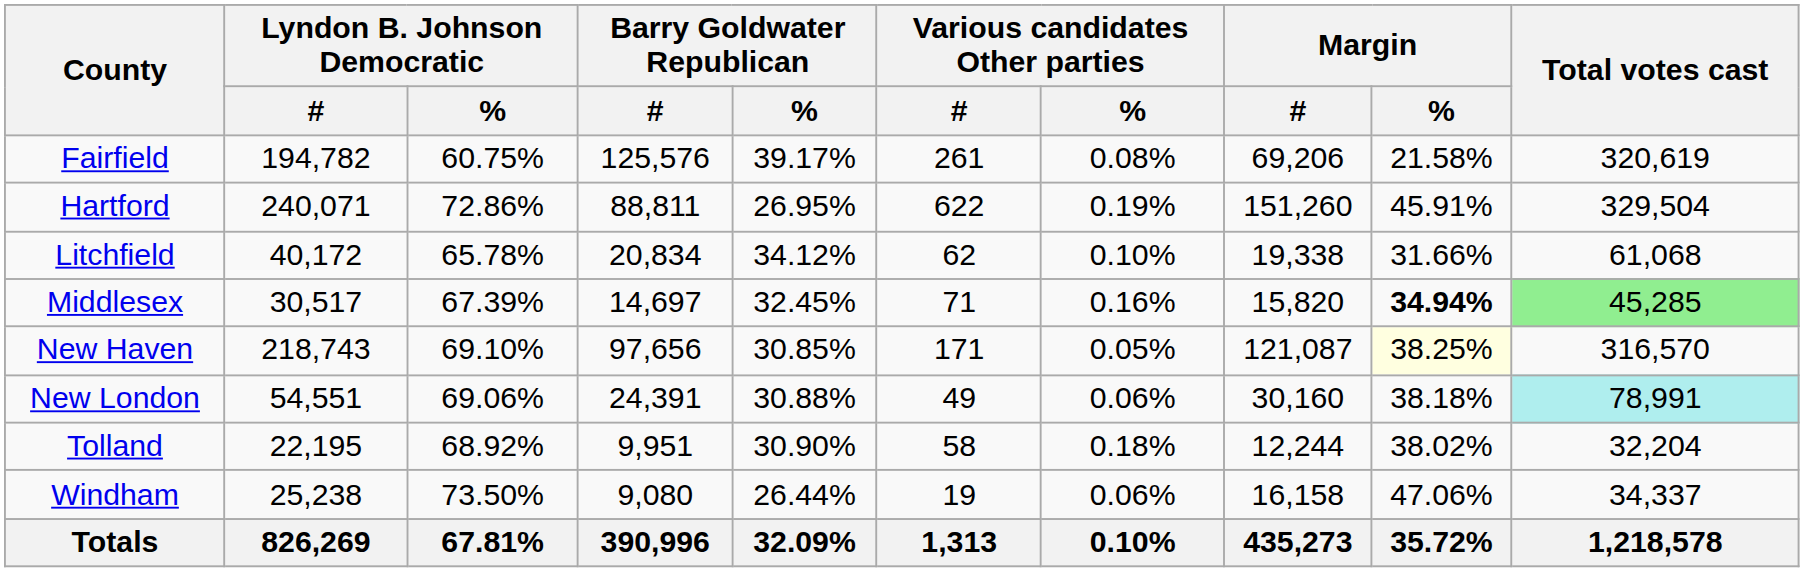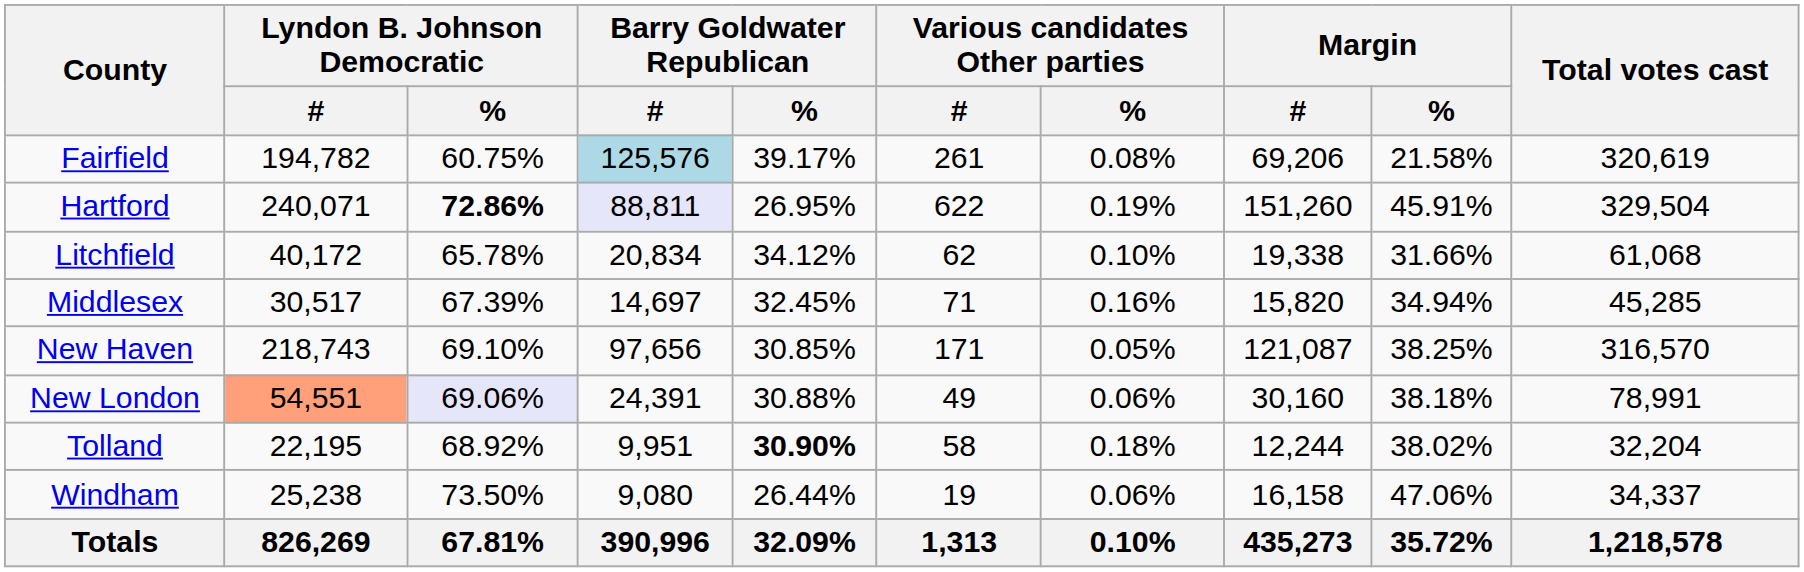 <table width="60%"  class="wikitable sortable" style="text-align:center">
 <tr>
 <th style="text-align:center;" rowspan="2">County</th>
 <th style="text-align:center;" colspan="2">Lyndon B. Johnson<br>Democratic</th>
 <th style="text-align:center;" colspan="2">Barry Goldwater<br>Republican</th>
 <th style="text-align:center;" colspan="2">Various candidates<br>Other parties</th>
 <th style="text-align:center;" colspan="2">Margin</th>
 <th style="text-align:center;" rowspan="2">Total votes cast</th>
 </tr>
 <tr>
 <th style="text-align:center;" data-sort-type="number">#</th>
 <th style="text-align:center;" data-sort-type="number">%</th>
 <th style="text-align:center;" data-sort-type="number">#</th>
 <th style="text-align:center;" data-sort-type="number">%</th>
 <th style="text-align:center;" data-sort-type="number">#</th>
 <th style="text-align:center;" data-sort-type="number">%</th>
 <th style="text-align:center;" data-sort-type="number">#</th>
 <th style="text-align:center;" data-sort-type="number">%</th>
 </tr>
 <tr style="text-align:center;">
 <td><a href='#'>Fairfield</a></td>
 <td>194,782</td>
 <td>60.75%</td>
-<td>125,576</td>
+<td style="background: lightblue;">125,576</td>
 <td>39.17%</td>
 <td>261</td>
 <td>0.08%</td>
 <td>69,206</td>
 <td>21.58%</td>
 <td>320,619</td>
 </tr>
 <tr style="text-align:center;">
 <td><a href='#'>Hartford</a></td>
 <td>240,071</td>
-<td>72.86%</td>
-<td>88,811</td>
+<td><strong>72.86%</strong></td>
+<td style="background: lavender;">88,811</td>
 <td>26.95%</td>
 <td>622</td>
 <td>0.19%</td>
 <td>151,260</td>
 <td>45.91%</td>
 <td>329,504</td>
 </tr>
 <tr style="text-align:center;">
 <td><a href='#'>Litchfield</a></td>
 <td>40,172</td>
 <td>65.78%</td>
 <td>20,834</td>
 <td>34.12%</td>
 <td>62</td>
 <td>0.10%</td>
 <td>19,338</td>
 <td>31.66%</td>
 <td>61,068</td>
 </tr>
 <tr style="text-align:center;">
 <td><a href='#'>Middlesex</a></td>
 <td>30,517</td>
 <td>67.39%</td>
 <td>14,697</td>
 <td>32.45%</td>
 <td>71</td>
 <td>0.16%</td>
 <td>15,820</td>
-<td><strong>34.94%</strong></td>
-<td style="background: lightgreen;">45,285</td>
+<td>34.94%</td>
+<td>45,285</td>
 </tr>
 <tr style="text-align:center;">
 <td><a href='#'>New Haven</a></td>
 <td>218,743</td>
 <td>69.10%</td>
 <td>97,656</td>
 <td>30.85%</td>
 <td>171</td>
 <td>0.05%</td>
 <td>121,087</td>
-<td style="background: lightyellow;">38.25%</td>
+<td>38.25%</td>
 <td>316,570</td>
 </tr>
 <tr style="text-align:center;">
 <td><a href='#'>New London</a></td>
-<td>54,551</td>
-<td>69.06%</td>
+<td style="background: lightsalmon;">54,551</td>
+<td style="background: lavender;">69.06%</td>
 <td>24,391</td>
 <td>30.88%</td>
 <td>49</td>
 <td>0.06%</td>
 <td>30,160</td>
 <td>38.18%</td>
-<td style="background: paleturquoise;">78,991</td>
+<td>78,991</td>
 </tr>
 <tr style="text-align:center;">
 <td><a href='#'>Tolland</a></td>
 <td>22,195</td>
 <td>68.92%</td>
 <td>9,951</td>
-<td>30.90%</td>
+<td><strong>30.90%</strong></td>
 <td>58</td>
 <td>0.18%</td>
 <td>12,244</td>
 <td>38.02%</td>
 <td>32,204</td>
 </tr>
 <tr style="text-align:center;">
 <td><a href='#'>Windham</a></td>
 <td>25,238</td>
 <td>73.50%</td>
 <td>9,080</td>
 <td>26.44%</td>
 <td>19</td>
 <td>0.06%</td>
 <td>16,158</td>
 <td>47.06%</td>
 <td>34,337</td>
 </tr>
 <tr>
 <th>Totals</th>
 <th>826,269</th>
 <th>67.81%</th>
 <th>390,996</th>
 <th>32.09%</th>
 <th>1,313</th>
 <th>0.10%</th>
 <th>435,273</th>
 <th>35.72%</th>
 <th>1,218,578</th>
 </tr>
 </table>
